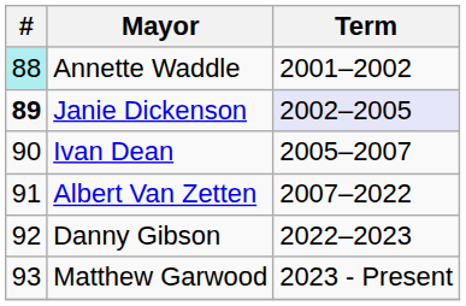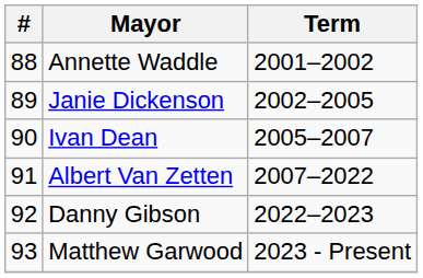 <table class="wikitable">
 <tr>
 <th>#</th>
 <th>Mayor</th>
 <th>Term</th>
 </tr>
 <tr>
-<td style="background: paleturquoise;">88</td>
+<td>88</td>
 <td>Annette Waddle</td>
 <td>2001–2002</td>
 </tr>
 <tr>
-<td><strong>89</strong></td>
+<td>89</td>
 <td><a href='#'>Janie Dickenson</a></td>
-<td style="background: lavender;">2002–2005</td>
+<td>2002–2005</td>
 </tr>
 <tr>
 <td>90</td>
 <td><a href='#'>Ivan Dean</a></td>
 <td>2005–2007</td>
 </tr>
 <tr>
 <td>91</td>
 <td><a href='#'>Albert Van Zetten</a></td>
 <td>2007–2022</td>
 </tr>
 <tr>
 <td>92</td>
 <td>Danny Gibson</td>
 <td>2022–2023</td>
 </tr>
 <tr>
 <td>93</td>
 <td>Matthew Garwood</td>
 <td>2023 - Present</td>
 </tr>
 <tr>
 </tr>
 </table>
